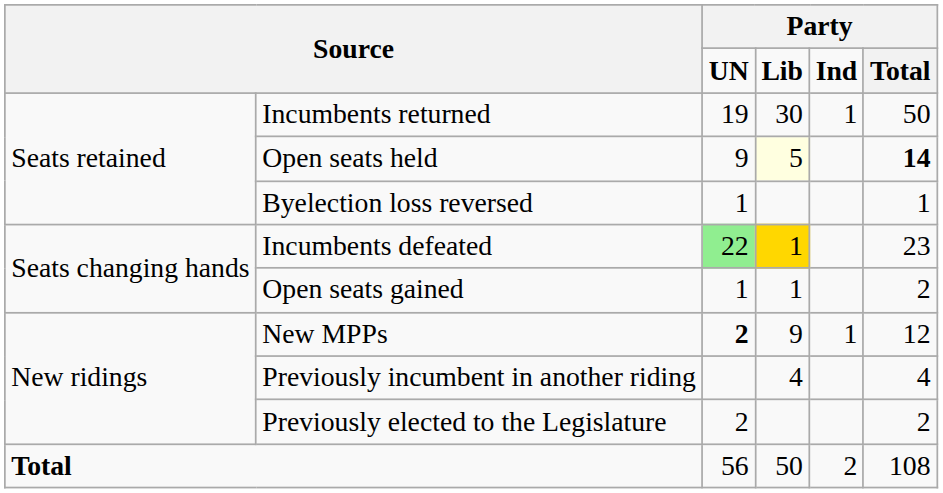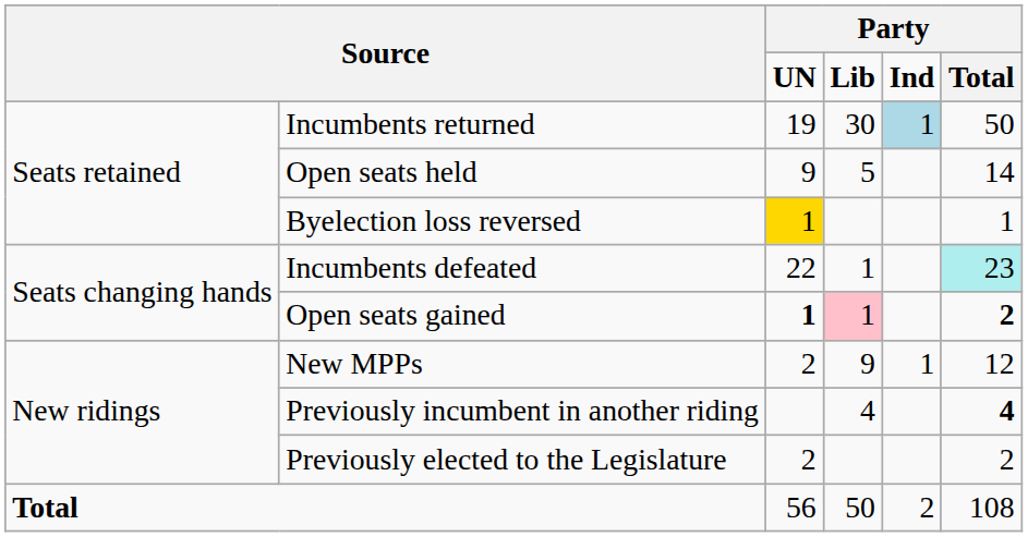 <table class="wikitable" style="text-align:right;">
 <tr>
 <th colspan="2" rowspan="2">Source</th>
 <th colspan="4">Party</th>
 </tr>
 <tr>
 <td><strong>UN</strong></td>
 <td><strong>Lib</strong></td>
 <td><strong>Ind</strong></td>
 <th>Total</th>
 </tr>
 <tr>
 <td rowspan="3" style="text-align:left;">Seats retained</td>
 <td style="text-align:left;">Incumbents returned</td>
 <td>19</td>
 <td>30</td>
-<td>1</td>
+<td style="background: lightblue;">1</td>
 <td>50</td>
 </tr>
 <tr>
 <td style="text-align:left;">Open seats held</td>
 <td>9</td>
-<td style="background: lightyellow;">5</td>
+<td>5</td>
 <td></td>
-<td><strong>14</strong></td>
+<td>14</td>
 </tr>
 <tr>
 <td style="text-align:left;">Byelection loss reversed</td>
-<td>1</td>
+<td style="background: gold;">1</td>
 <td></td>
 <td></td>
 <td>1</td>
 </tr>
 <tr>
 <td rowspan="2" style="text-align:left;">Seats changing hands</td>
 <td style="text-align:left;">Incumbents defeated</td>
-<td style="background: lightgreen;">22</td>
-<td style="background: gold;">1</td>
+<td>22</td>
+<td>1</td>
 <td></td>
-<td>23</td>
+<td style="background: paleturquoise;">23</td>
 </tr>
 <tr>
 <td style="text-align:left;">Open seats gained</td>
-<td>1</td>
-<td>1</td>
+<td><strong>1</strong></td>
+<td style="background: pink;">1</td>
 <td></td>
-<td>2</td>
+<td><strong>2</strong></td>
 </tr>
 <tr>
 <td rowspan="3" style="text-align:left;">New ridings</td>
 <td style="text-align:left;">New MPPs</td>
-<td><strong>2</strong></td>
+<td>2</td>
 <td>9</td>
 <td>1</td>
 <td>12</td>
 </tr>
 <tr>
 <td style="text-align:left;">Previously incumbent in another riding</td>
 <td></td>
 <td>4</td>
 <td></td>
-<td>4</td>
+<td><strong>4</strong></td>
 </tr>
 <tr>
 <td style="text-align:left;">Previously elected to the Legislature</td>
 <td>2</td>
 <td></td>
 <td></td>
 <td>2</td>
 </tr>
 <tr>
 <td colspan="2" style="text-align:left;"><strong>Total</strong></td>
 <td>56</td>
 <td>50</td>
 <td>2</td>
 <td>108</td>
 </tr>
 </table>
